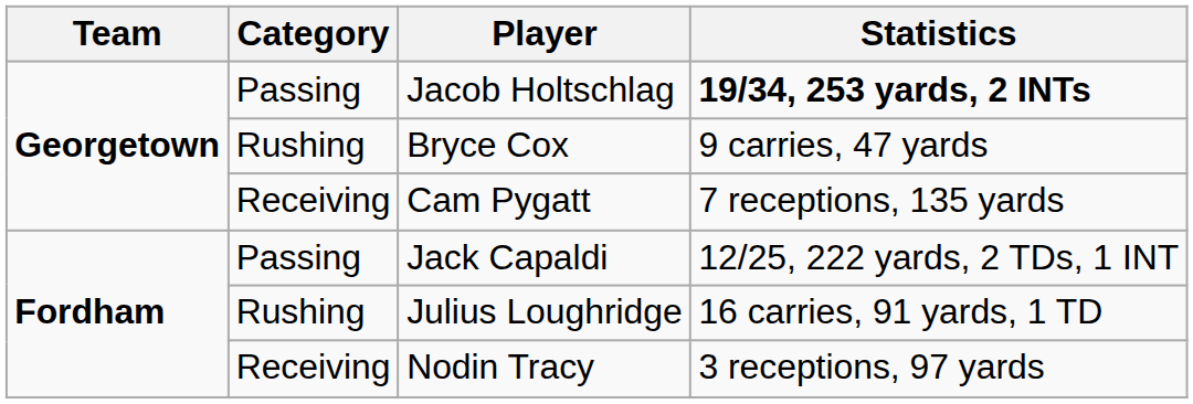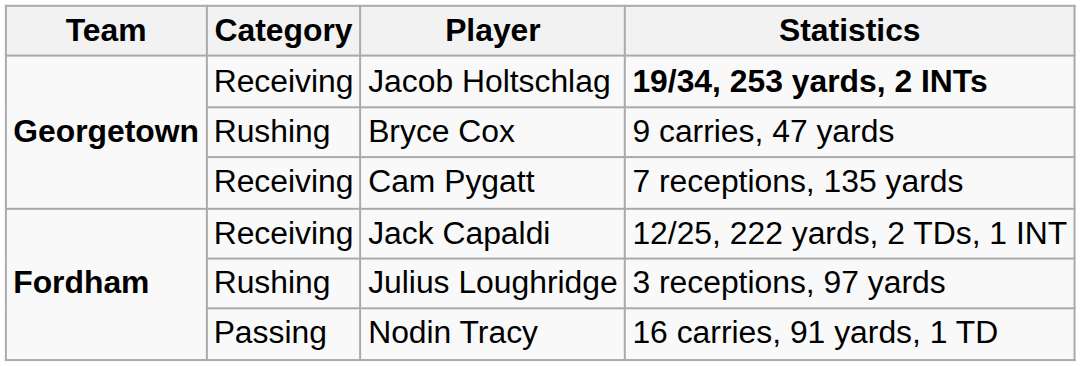 <table class="wikitable" style="float: right;">
 <tr>
 <th>Team</th>
 <th>Category</th>
 <th>Player</th>
 <th>Statistics</th>
 </tr>
 <tr>
 <td rowspan=3><strong>Georgetown</strong></td>
-<td>Passing</td>
+<td>Receiving</td>
 <td>Jacob Holtschlag</td>
 <td><strong>19/34, 253 yards, 2 INTs</strong></td>
 </tr>
 <tr>
 <td>Rushing</td>
 <td>Bryce Cox</td>
 <td>9 carries, 47 yards</td>
 </tr>
 <tr>
 <td>Receiving</td>
 <td>Cam Pygatt</td>
 <td>7 receptions, 135 yards</td>
 </tr>
 <tr>
 <td rowspan=3><strong>Fordham</strong></td>
-<td>Passing</td>
+<td>Receiving</td>
 <td>Jack Capaldi</td>
 <td>12/25, 222 yards, 2 TDs, 1 INT</td>
 </tr>
 <tr>
 <td>Rushing</td>
 <td>Julius Loughridge</td>
+<td>3 receptions, 97 yards</td>
+</tr>
+<tr>
+<td>Passing</td>
+<td>Nodin Tracy</td>
 <td>16 carries, 91 yards, 1 TD</td>
 </tr>
-<tr>
-<td>Receiving</td>
-<td>Nodin Tracy</td>
-<td>3 receptions, 97 yards</td>
-</tr>
 </table>
